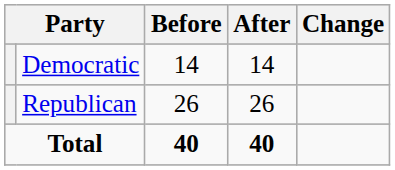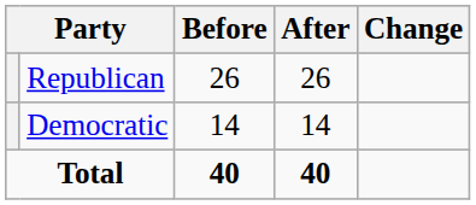 <table class="wikitable" style="text-align:center;">
 <tr>
 <th colspan="2">Party</th>
 <th>Before</th>
 <th>After</th>
 <th>Change</th>
 </tr>
 <tr>
 <th style="background-color:"></th>
-<td style="text-align:left;"><a href='#'>Democratic</a></td>
-<td>14</td>
-<td>14</td>
+<td style="text-align:left;"><a href='#'>Republican</a></td>
+<td>26</td>
+<td>26</td>
 <td></td>
 </tr>
 <tr>
 <th style="background-color:"></th>
-<td style="text-align:left;"><a href='#'>Republican</a></td>
-<td>26</td>
-<td>26</td>
+<td style="text-align:left;"><a href='#'>Democratic</a></td>
+<td>14</td>
+<td>14</td>
 <td></td>
 </tr>
 <tr>
 <td colspan="2"><strong>Total</strong></td>
 <td><strong>40</strong></td>
 <td><strong>40</strong></td>
 <td></td>
 </tr>
 </table>
